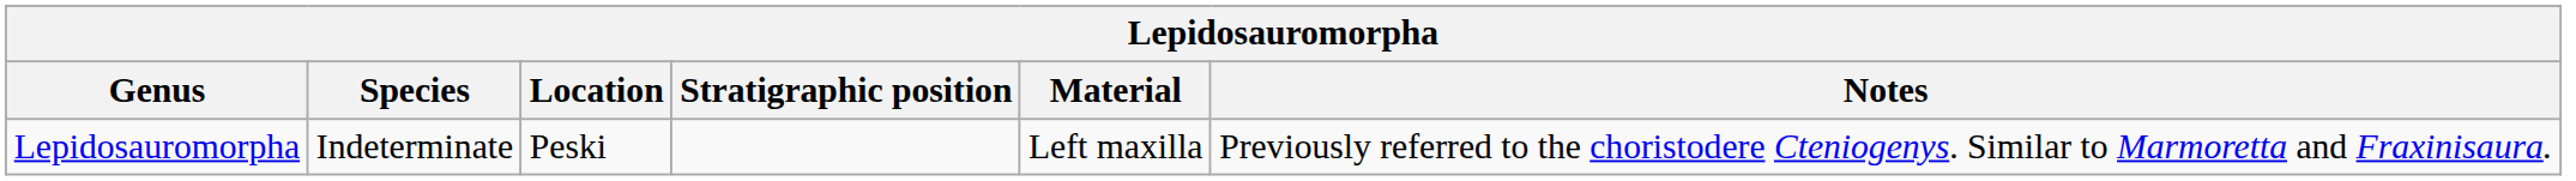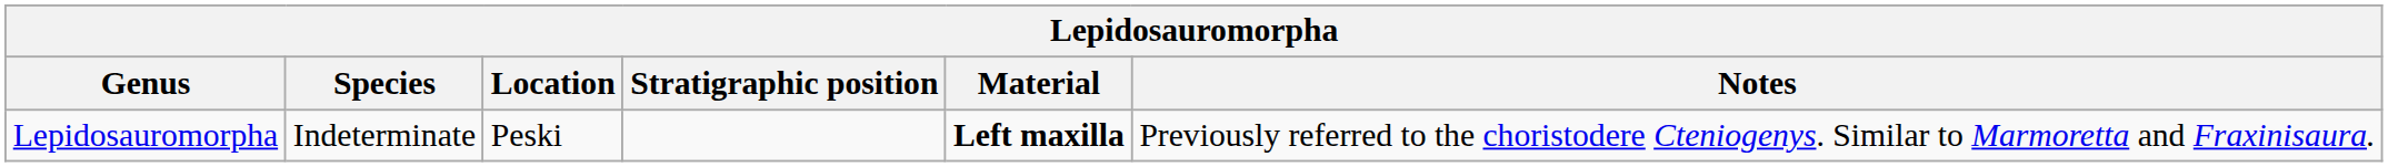 <table class="wikitable">
 <tr>
 <th colspan="7" align="center">Lepidosauromorpha</th>
 </tr>
 <tr>
 <th>Genus</th>
 <th>Species</th>
 <th>Location</th>
 <th>Stratigraphic position</th>
 <th>Material</th>
 <th>Notes</th>
 </tr>
 <tr>
 <td><a href='#'>Lepidosauromorpha</a></td>
 <td>Indeterminate</td>
 <td>Peski</td>
 <td></td>
-<td>Left maxilla</td>
+<td><strong>Left maxilla</strong></td>
 <td>Previously referred to the <a href='#'>choristodere</a> <em><a href='#'>Cteniogenys</a></em>. Similar to <em><a href='#'>Marmoretta</a></em> and <em><a href='#'>Fraxinisaura</a>.</em></td>
 </tr>
 </table>
